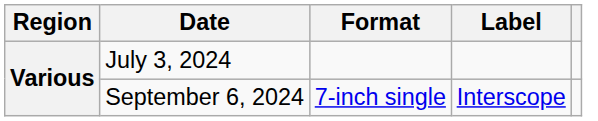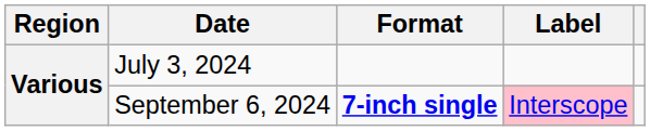 <table class="wikitable plainrowheaders">
 <tr>
 <th scope="col">Region</th>
 <th scope="col">Date</th>
 <th scope="col">Format</th>
 <th scope="col">Label</th>
 <th scope="col"></th>
 </tr>
 <tr>
 <th scope="row" rowspan="2">Various</th>
 <td>July 3, 2024</td>
 <td></td>
 <td rowspan="1"></td>
 <td></td>
 </tr>
 <tr>
 <td>September 6, 2024</td>
-<td><a href='#'>7-inch single</a></td>
-<td><a href='#'>Interscope</a></td>
+<td><strong><a href='#'>7-inch single</a></strong></td>
+<td style="background: pink;"><a href='#'>Interscope</a></td>
 <td></td>
 </tr>
 </table>
